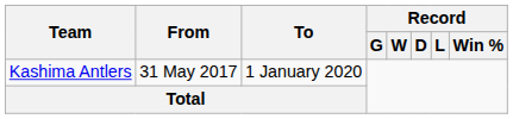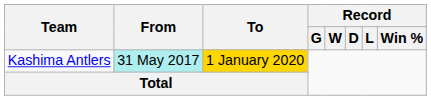 <table class="wikitable" style="text-align: center">
 <tr>
 <th rowspan="2">Team</th>
 <th rowspan="2">From</th>
 <th rowspan="2">To</th>
 <th colspan="5">Record</th>
 </tr>
 <tr>
 <th>G</th>
 <th>W</th>
 <th>D</th>
 <th>L</th>
 <th>Win %</th>
 </tr>
 <tr 59-32-12-15>
 <td align="left"><a href='#'>Kashima Antlers</a></td>
-<td align="left">31 May 2017</td>
-<td align="left">1 January 2020<br></td>
+<td align="left" style="background: paleturquoise;">31 May 2017</td>
+<td align="left" style="background: gold;">1 January 2020<br></td>
 </tr>
 <tr>
 <th colspan="3">Total<br></th>
 </tr>
 </table>
